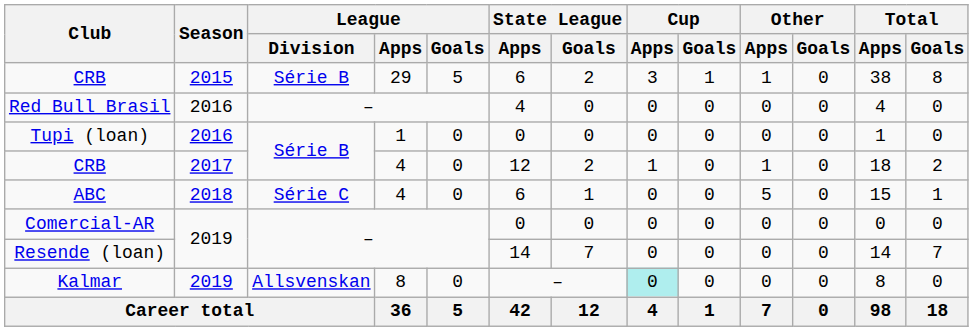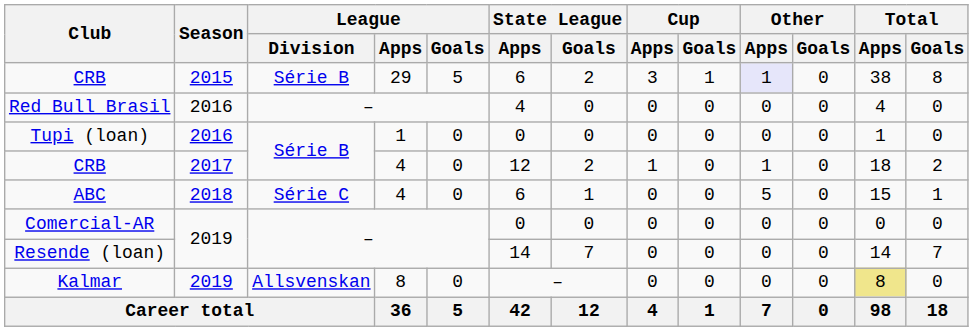 <table class="wikitable" style="text-align: center">
 <tr>
 <th rowspan="2">Club</th>
 <th rowspan="2">Season</th>
 <th colspan="3">League</th>
 <th colspan="2">State League</th>
 <th colspan="2">Cup</th>
 <th colspan="2">Other</th>
 <th colspan="2">Total</th>
 </tr>
 <tr>
 <th>Division</th>
 <th>Apps</th>
 <th>Goals</th>
 <th>Apps</th>
 <th>Goals</th>
 <th>Apps</th>
 <th>Goals</th>
 <th>Apps</th>
 <th>Goals</th>
 <th>Apps</th>
 <th>Goals</th>
 </tr>
 <tr>
 <td><a href='#'>CRB</a></td>
 <td><a href='#'>2015</a></td>
 <td><a href='#'>Série B</a></td>
 <td>29</td>
 <td>5</td>
 <td>6</td>
 <td>2</td>
 <td>3</td>
 <td>1</td>
-<td>1</td>
+<td style="background: lavender;">1</td>
 <td>0</td>
 <td>38</td>
 <td>8</td>
 </tr>
 <tr>
 <td><a href='#'>Red Bull Brasil</a></td>
 <td>2016</td>
 <td colspan="3">–</td>
 <td>4</td>
 <td>0</td>
 <td>0</td>
 <td>0</td>
 <td>0</td>
 <td>0</td>
 <td>4</td>
 <td>0</td>
 </tr>
 <tr>
 <td><a href='#'>Tupi</a> (loan)</td>
 <td><a href='#'>2016</a></td>
 <td rowspan="2"><a href='#'>Série B</a></td>
 <td>1</td>
 <td>0</td>
 <td>0</td>
 <td>0</td>
 <td>0</td>
 <td>0</td>
 <td>0</td>
 <td>0</td>
 <td>1</td>
 <td>0</td>
 </tr>
 <tr>
 <td><a href='#'>CRB</a></td>
 <td><a href='#'>2017</a></td>
 <td>4</td>
 <td>0</td>
 <td>12</td>
 <td>2</td>
 <td>1</td>
 <td>0</td>
 <td>1</td>
 <td>0</td>
 <td>18</td>
 <td>2</td>
 </tr>
 <tr>
 <td><a href='#'>ABC</a></td>
 <td><a href='#'>2018</a></td>
 <td><a href='#'>Série C</a></td>
 <td>4</td>
 <td>0</td>
 <td>6</td>
 <td>1</td>
 <td>0</td>
 <td>0</td>
 <td>5</td>
 <td>0</td>
 <td>15</td>
 <td>1</td>
 </tr>
 <tr>
 <td><a href='#'>Comercial-AR</a></td>
 <td rowspan="2">2019</td>
 <td colspan="3" rowspan="2">–</td>
 <td>0</td>
 <td>0</td>
 <td>0</td>
 <td>0</td>
 <td>0</td>
 <td>0</td>
 <td>0</td>
 <td>0</td>
 </tr>
 <tr>
 <td><a href='#'>Resende</a> (loan)</td>
 <td>14</td>
 <td>7</td>
 <td>0</td>
 <td>0</td>
 <td>0</td>
 <td>0</td>
 <td>14</td>
 <td>7</td>
 </tr>
 <tr>
 <td><a href='#'>Kalmar</a></td>
 <td><a href='#'>2019</a></td>
 <td><a href='#'>Allsvenskan</a></td>
 <td>8</td>
 <td>0</td>
 <td colspan="2">–</td>
-<td style="background: paleturquoise;">0</td>
 <td>0</td>
 <td>0</td>
 <td>0</td>
-<td>8</td>
+<td>0</td>
+<td style="background: khaki;">8</td>
 <td>0</td>
 </tr>
 <tr>
 <th colspan="3"><strong>Career total</strong></th>
 <th>36</th>
 <th>5</th>
 <th>42</th>
 <th>12</th>
 <th>4</th>
 <th>1</th>
 <th>7</th>
 <th>0</th>
 <th>98</th>
 <th>18</th>
 </tr>
 </table>
